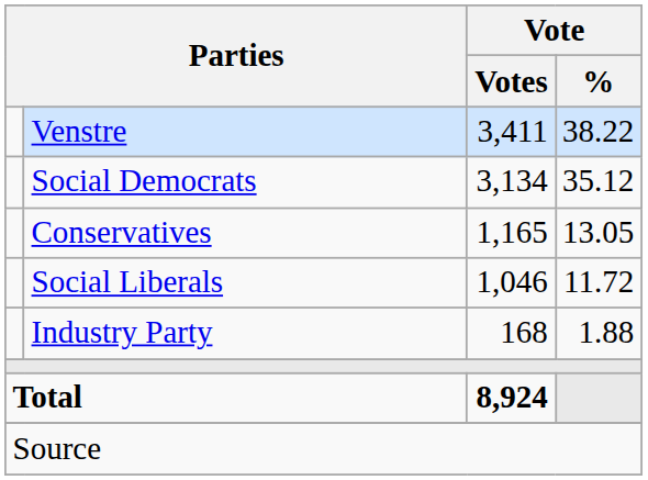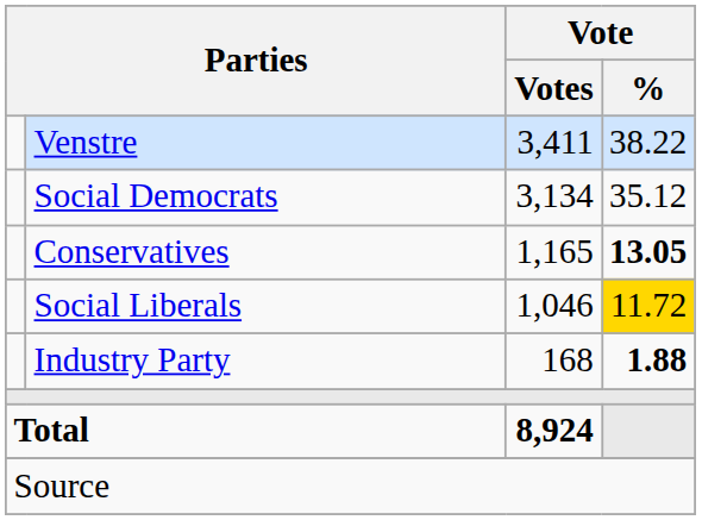 <table class="wikitable" style="text-align:right;">
 <tr>
 <th style="text-align:centre;" rowspan="2" colspan="2" width="225">Parties</th>
 <th colspan="3">Vote</th>
 </tr>
 <tr>
 <th width="15">Votes</th>
 <th width="15">%</th>
 </tr>
 <tr>
 <td width="2" style="color:inherit;background:"></td>
 <td bgcolor=#cfe5fe  align="left"><a href='#'>Venstre</a></td>
 <td bgcolor=#cfe5fe>3,411</td>
 <td bgcolor=#cfe5fe>38.22</td>
 </tr>
 <tr>
 <td width="2" style="color:inherit;background:"></td>
 <td align="left"><a href='#'>Social Democrats</a></td>
 <td>3,134</td>
 <td>35.12</td>
 </tr>
 <tr>
 <td width="2" style="color:inherit;background:"></td>
 <td align="left"><a href='#'>Conservatives</a></td>
 <td>1,165</td>
-<td>13.05</td>
+<td><strong>13.05</strong></td>
 </tr>
 <tr>
 <td width="2" style="color:inherit;background:"></td>
 <td align="left"><a href='#'>Social Liberals</a></td>
 <td>1,046</td>
-<td>11.72</td>
+<td style="background: gold;">11.72</td>
 </tr>
 <tr>
 <td width="2" style="color:inherit;background:"></td>
 <td align="left"><a href='#'>Industry Party</a></td>
 <td>168</td>
-<td>1.88</td>
+<td><strong>1.88</strong></td>
 </tr>
 <tr>
 <td colspan="7" bgcolor="#E9E9E9"></td>
 </tr>
 <tr>
 <td align="left" colspan="2"><strong>Total</strong></td>
 <td><strong>8,924</strong></td>
 <td bgcolor="#E9E9E9" colspan="2"></td>
 </tr>
 <tr>
 </tr>
 <tr>
 <td align="left" colspan="6">Source</td>
 </tr>
 </table>
